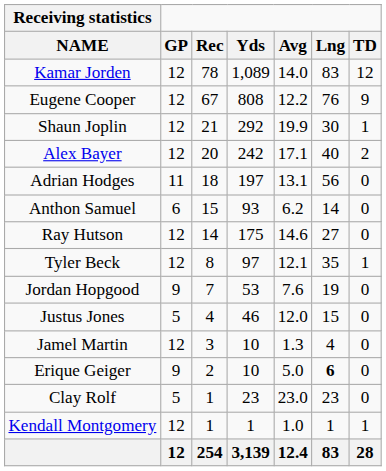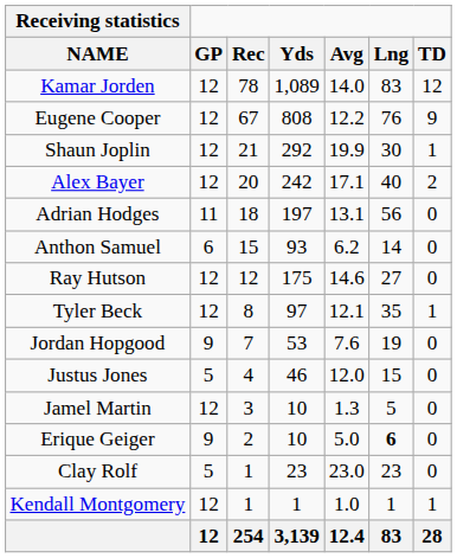 <table class="wikitable sortable" style="text-align:center;">
 <tr>
 <th style="text-align:center; ">Receiving statistics</th>
 </tr>
 <tr>
 <th>NAME</th>
 <th>GP</th>
 <th>Rec</th>
 <th>Yds</th>
 <th>Avg</th>
 <th>Lng</th>
 <th>TD</th>
 </tr>
 <tr>
 <td><a href='#'>Kamar Jorden</a></td>
 <td>12</td>
 <td>78</td>
 <td>1,089</td>
 <td>14.0</td>
 <td>83</td>
 <td>12</td>
 </tr>
 <tr>
 <td>Eugene Cooper</td>
 <td>12</td>
 <td>67</td>
 <td>808</td>
 <td>12.2</td>
 <td>76</td>
 <td>9</td>
 </tr>
 <tr>
 <td>Shaun Joplin</td>
 <td>12</td>
 <td>21</td>
 <td>292</td>
 <td>19.9</td>
 <td>30</td>
 <td>1</td>
 </tr>
 <tr>
 <td><a href='#'>Alex Bayer</a></td>
 <td>12</td>
 <td>20</td>
 <td>242</td>
 <td>17.1</td>
 <td>40</td>
 <td>2</td>
 </tr>
 <tr>
 <td>Adrian Hodges</td>
 <td>11</td>
 <td>18</td>
 <td>197</td>
 <td>13.1</td>
 <td>56</td>
 <td>0</td>
 </tr>
 <tr>
 <td>Anthon Samuel</td>
 <td>6</td>
 <td>15</td>
 <td>93</td>
 <td>6.2</td>
 <td>14</td>
 <td>0</td>
 </tr>
 <tr>
 <td>Ray Hutson</td>
 <td>12</td>
-<td>14</td>
+<td>12</td>
 <td>175</td>
 <td>14.6</td>
 <td>27</td>
 <td>0</td>
 </tr>
 <tr>
 <td>Tyler Beck</td>
 <td>12</td>
 <td>8</td>
 <td>97</td>
 <td>12.1</td>
 <td>35</td>
 <td>1</td>
 </tr>
 <tr>
 <td>Jordan Hopgood</td>
 <td>9</td>
 <td>7</td>
 <td>53</td>
 <td>7.6</td>
 <td>19</td>
 <td>0</td>
 </tr>
 <tr>
 <td>Justus Jones</td>
 <td>5</td>
 <td>4</td>
 <td>46</td>
 <td>12.0</td>
 <td>15</td>
 <td>0</td>
 </tr>
 <tr>
 <td>Jamel Martin</td>
 <td>12</td>
 <td>3</td>
 <td>10</td>
 <td>1.3</td>
-<td>4</td>
+<td>5</td>
 <td>0</td>
 </tr>
 <tr>
 <td>Erique Geiger</td>
 <td>9</td>
 <td>2</td>
 <td>10</td>
 <td>5.0</td>
 <td><strong>6</strong></td>
 <td>0</td>
 </tr>
 <tr>
 <td>Clay Rolf</td>
 <td>5</td>
 <td>1</td>
 <td>23</td>
 <td>23.0</td>
 <td>23</td>
 <td>0</td>
 </tr>
 <tr>
 <td><a href='#'>Kendall Montgomery</a></td>
 <td>12</td>
 <td>1</td>
 <td>1</td>
 <td>1.0</td>
 <td>1</td>
 <td>1</td>
 </tr>
 <tr>
 <th colspan="1"></th>
 <th>12</th>
 <th>254</th>
 <th>3,139</th>
 <th>12.4</th>
 <th>83</th>
 <th>28</th>
 </tr>
 </table>
